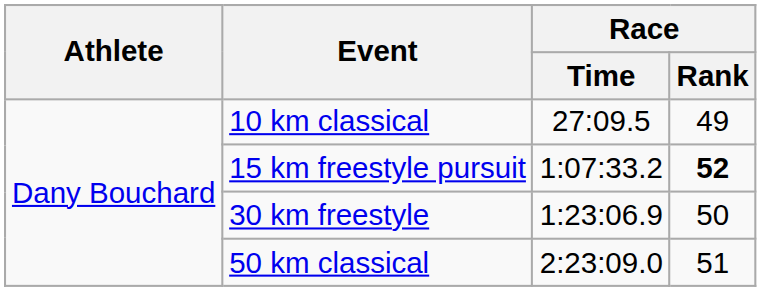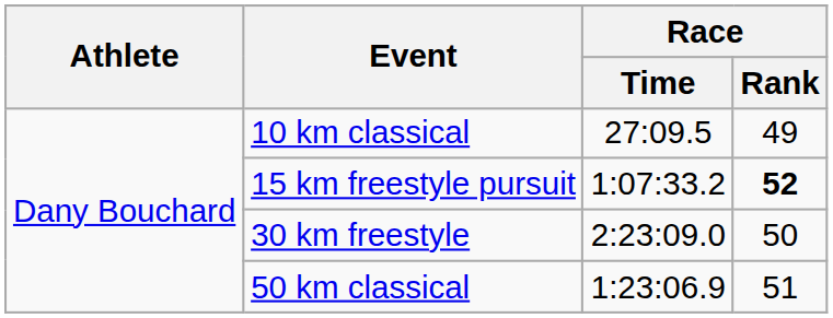 <table class="wikitable" style="font-size:90%">
 <tr>
 <th rowspan="2">Athlete</th>
 <th rowspan="2">Event</th>
 <th colspan="2">Race</th>
 </tr>
 <tr>
 <th>Time</th>
 <th>Rank</th>
 </tr>
 <tr align="center">
 <td align="left" rowspan=4><a href='#'>Dany Bouchard</a></td>
 <td align="left"><a href='#'>10 km classical</a></td>
 <td>27:09.5</td>
 <td>49</td>
 </tr>
 <tr align="center">
 <td align="left"><a href='#'>15 km freestyle pursuit</a></td>
 <td>1:07:33.2</td>
 <td><strong>52</strong></td>
 </tr>
 <tr align="center">
 <td align="left"><a href='#'>30 km freestyle</a></td>
-<td>1:23:06.9</td>
+<td>2:23:09.0</td>
 <td>50</td>
 </tr>
 <tr align="center">
 <td align="left"><a href='#'>50 km classical</a></td>
-<td>2:23:09.0</td>
+<td>1:23:06.9</td>
 <td>51</td>
 </tr>
 </table>
